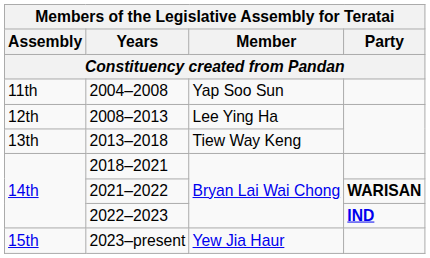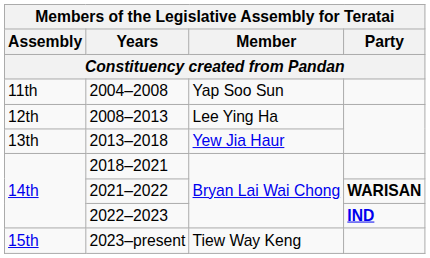 <table class=wikitable>
 <tr>
 <th colspan=4>Members of the Legislative Assembly for Teratai</th>
 </tr>
 <tr>
 <th>Assembly</th>
 <th>Years</th>
 <th>Member</th>
 <th>Party</th>
 </tr>
 <tr>
 <th colspan=4 align=center><em>Constituency created from Pandan</em></th>
 </tr>
 <tr>
 <td>11th</td>
 <td>2004–2008</td>
 <td>Yap Soo Sun</td>
 <td></td>
 </tr>
 <tr>
 <td>12th</td>
 <td>2008–2013</td>
 <td>Lee Ying Ha</td>
 <td rowspan=2></td>
 </tr>
 <tr>
 <td>13th</td>
 <td>2013–2018</td>
-<td>Tiew Way Keng</td>
+<td><a href='#'>Yew Jia Haur</a></td>
 </tr>
 <tr>
 <td rowspan="3"><a href='#'>14th</a></td>
 <td>2018–2021</td>
 <td rowspan="3"><a href='#'>Bryan Lai Wai Chong</a></td>
 <td></td>
 </tr>
 <tr>
 <td>2021–2022</td>
 <td><strong>WARISAN</strong></td>
 </tr>
 <tr>
 <td>2022–2023</td>
 <td><strong><a href='#'>IND</a></strong></td>
 </tr>
 <tr>
 <td><a href='#'>15th</a></td>
 <td>2023–present</td>
-<td><a href='#'>Yew Jia Haur</a></td>
+<td>Tiew Way Keng</td>
 <td></td>
 </tr>
 </table>
